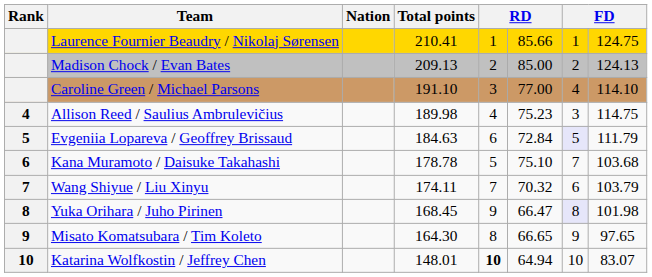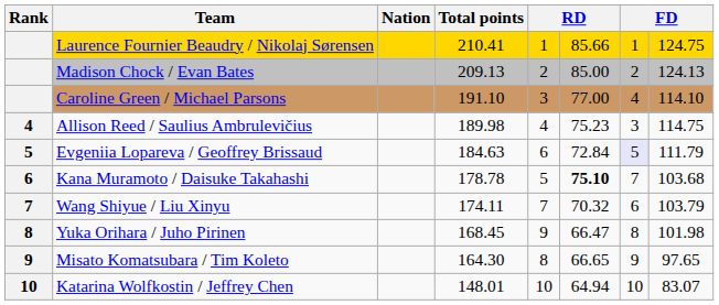 <table class="wikitable sortable" style="text-align:left">
 <tr>
 <th scope="col">Rank</th>
 <th scope="col">Team</th>
 <th scope="col">Nation</th>
 <th scope="col">Total points</th>
 <th scope="col" colspan="2" width="80px"><a href='#'>RD</a></th>
 <th scope="col" colspan="2" width="80px"><a href='#'>FD</a></th>
 </tr>
 <tr bgcolor="gold">
 <th scope="row"></th>
 <td><a href='#'>Laurence Fournier Beaudry</a> / <a href='#'>Nikolaj Sørensen</a></td>
 <td></td>
 <td align="center">210.41</td>
 <td align="center">1</td>
 <td align="center">85.66</td>
 <td align="center">1</td>
 <td align="center">124.75</td>
 </tr>
 <tr bgcolor="silver">
 <th scope="row"></th>
 <td><a href='#'>Madison Chock</a> / <a href='#'>Evan Bates</a></td>
 <td></td>
 <td align="center">209.13</td>
 <td align="center">2</td>
 <td align="center">85.00</td>
 <td align="center">2</td>
 <td align="center">124.13</td>
 </tr>
 <tr bgcolor="cc9966">
 <th scope="row"></th>
 <td><a href='#'>Caroline Green</a> / <a href='#'>Michael Parsons</a></td>
 <td></td>
 <td align="center">191.10</td>
 <td align="center">3</td>
 <td align="center">77.00</td>
 <td align="center">4</td>
 <td align="center">114.10</td>
 </tr>
 <tr>
 <th scope="row">4</th>
 <td><a href='#'>Allison Reed</a> / <a href='#'>Saulius Ambrulevičius</a></td>
 <td></td>
 <td align="center">189.98</td>
 <td align="center">4</td>
 <td align="center">75.23</td>
 <td align="center">3</td>
 <td align="center">114.75</td>
 </tr>
 <tr>
 <th scope="row">5</th>
 <td><a href='#'>Evgeniia Lopareva</a> / <a href='#'>Geoffrey Brissaud</a></td>
 <td></td>
 <td align="center">184.63</td>
 <td align="center">6</td>
 <td align="center">72.84</td>
 <td align="center" style="background: lavender;">5</td>
 <td align="center">111.79</td>
 </tr>
 <tr>
 <th scope="row">6</th>
 <td><a href='#'>Kana Muramoto</a> / <a href='#'>Daisuke Takahashi</a></td>
 <td></td>
 <td align="center">178.78</td>
 <td align="center">5</td>
-<td align="center">75.10</td>
+<td align="center"><strong>75.10</strong></td>
 <td align="center">7</td>
 <td align="center">103.68</td>
 </tr>
 <tr>
 <th scope="row">7</th>
 <td><a href='#'>Wang Shiyue</a> / <a href='#'>Liu Xinyu</a></td>
 <td></td>
 <td align="center">174.11</td>
 <td align="center">7</td>
 <td align="center">70.32</td>
 <td align="center">6</td>
 <td align="center">103.79</td>
 </tr>
 <tr>
 <th scope="row">8</th>
 <td><a href='#'>Yuka Orihara</a> / <a href='#'>Juho Pirinen</a></td>
 <td></td>
 <td align="center">168.45</td>
 <td align="center">9</td>
 <td align="center">66.47</td>
-<td align="center" style="background: lavender;">8</td>
+<td align="center">8</td>
 <td align="center">101.98</td>
 </tr>
 <tr>
 <th scope="row">9</th>
 <td><a href='#'>Misato Komatsubara</a> / <a href='#'>Tim Koleto</a></td>
 <td></td>
 <td align="center">164.30</td>
 <td align="center">8</td>
 <td align="center">66.65</td>
 <td align="center">9</td>
 <td align="center">97.65</td>
 </tr>
 <tr>
 <th scope="row">10</th>
 <td><a href='#'>Katarina Wolfkostin</a> / <a href='#'>Jeffrey Chen</a></td>
 <td></td>
 <td align="center">148.01</td>
-<td align="center"><strong>10</strong></td>
+<td align="center">10</td>
 <td align="center">64.94</td>
 <td align="center">10</td>
 <td align="center">83.07</td>
 </tr>
 </table>
